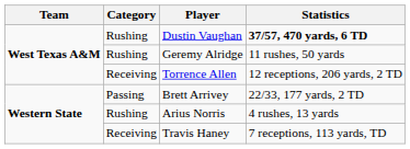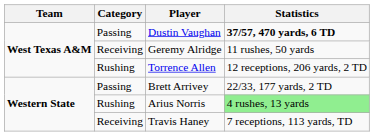 <table class="wikitable" style="float: left;">
 <tr>
 <th>Team</th>
 <th>Category</th>
 <th>Player</th>
 <th>Statistics</th>
 </tr>
 <tr>
 <td rowspan=3><strong>West Texas A&M</strong></td>
-<td>Rushing</td>
+<td>Passing</td>
 <td><a href='#'>Dustin Vaughan</a></td>
 <td><strong>37/57, 470 yards, 6 TD</strong></td>
 </tr>
 <tr>
-<td>Rushing</td>
+<td>Receiving</td>
 <td>Geremy Alridge</td>
 <td>11 rushes, 50 yards</td>
 </tr>
 <tr>
-<td>Receiving</td>
+<td>Rushing</td>
 <td><a href='#'>Torrence Allen</a></td>
 <td>12 receptions, 206 yards, 2 TD</td>
 </tr>
 <tr>
 <td rowspan=3><strong>Western State</strong></td>
 <td>Passing</td>
 <td>Brett Arrivey</td>
 <td>22/33, 177 yards, 2 TD</td>
 </tr>
 <tr>
 <td>Rushing</td>
 <td>Arius Norris</td>
-<td>4 rushes, 13 yards</td>
+<td style="background: lightgreen;">4 rushes, 13 yards</td>
 </tr>
 <tr>
 <td>Receiving</td>
 <td>Travis Haney</td>
 <td>7 receptions, 113 yards, TD</td>
 </tr>
 </table>
